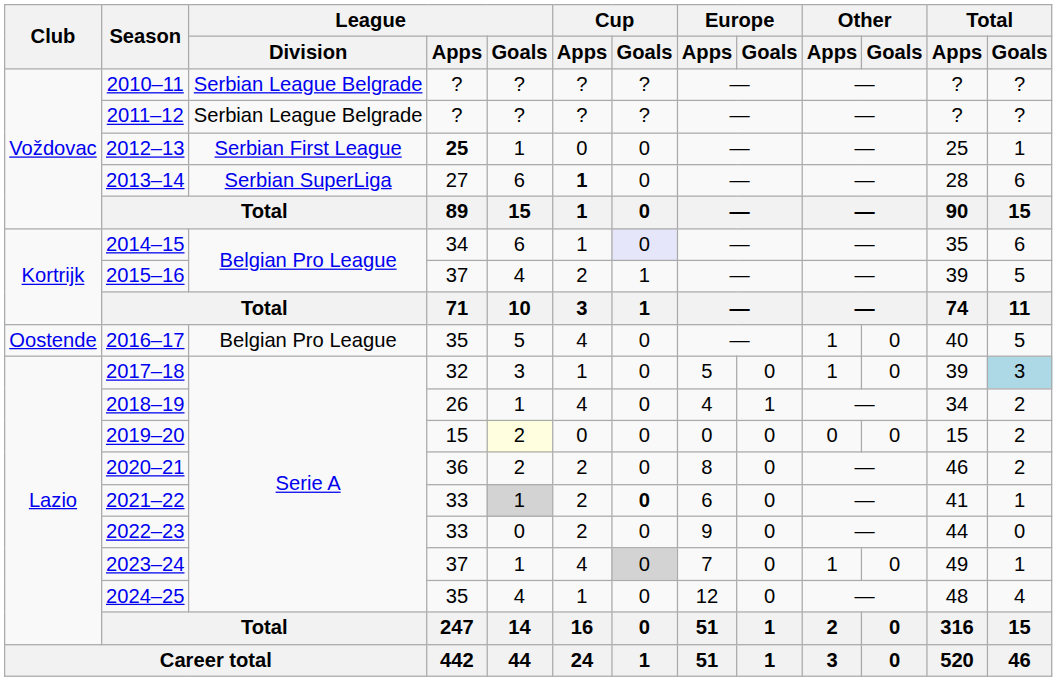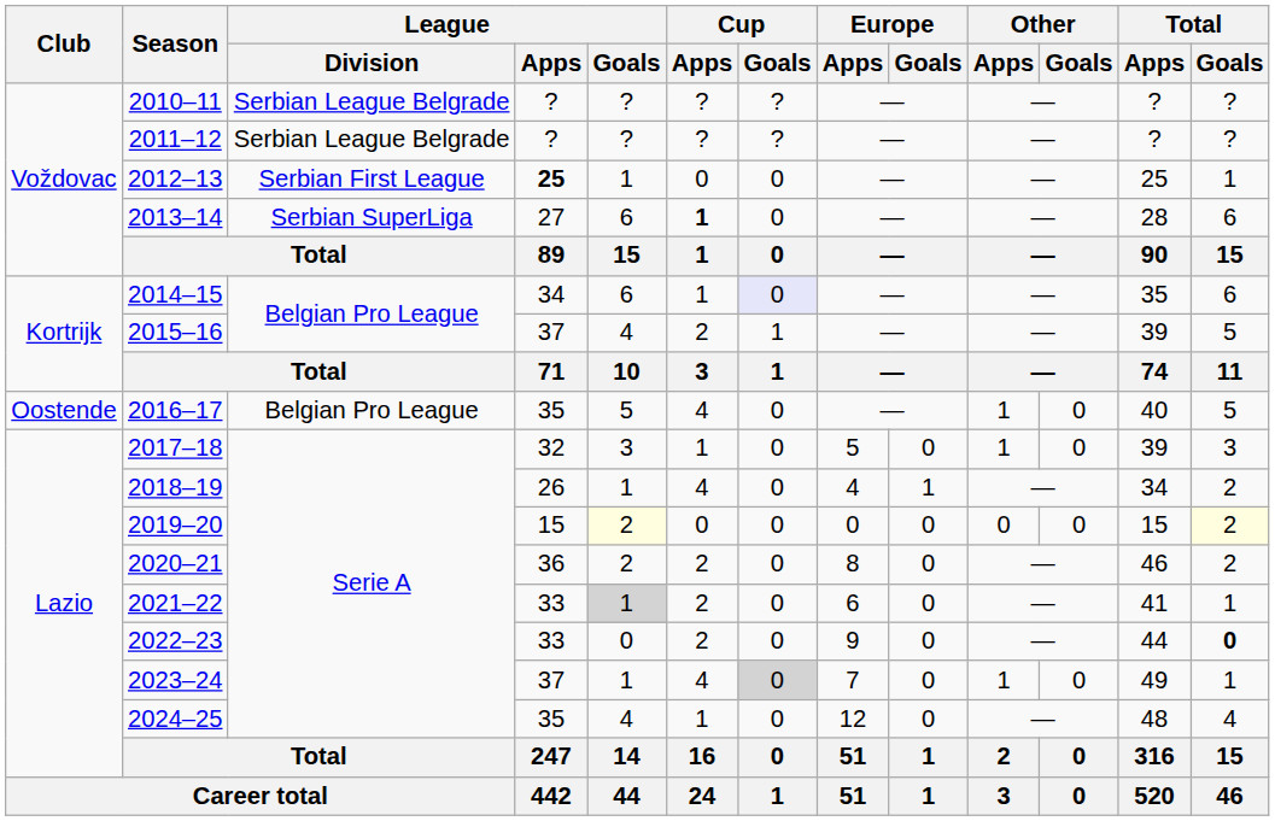 <table class="wikitable" style="text-align:center">
 <tr>
 <th rowspan="2">Club</th>
 <th rowspan="2">Season</th>
 <th colspan="3">League</th>
 <th colspan="2">Cup</th>
 <th colspan="2">Europe</th>
 <th colspan="2">Other</th>
 <th colspan="2">Total</th>
 </tr>
 <tr>
 <th>Division</th>
 <th>Apps</th>
 <th>Goals</th>
 <th>Apps</th>
 <th>Goals</th>
 <th>Apps</th>
 <th>Goals</th>
 <th>Apps</th>
 <th>Goals</th>
 <th>Apps</th>
 <th>Goals</th>
 </tr>
 <tr>
 <td rowspan="5"><a href='#'>Voždovac</a></td>
 <td><a href='#'>2010–11</a></td>
 <td><a href='#'>Serbian League Belgrade</a></td>
 <td>?</td>
 <td>?</td>
 <td>?</td>
 <td>?</td>
 <td colspan="2">—</td>
 <td colspan="2">—</td>
 <td>?</td>
 <td>?</td>
 </tr>
 <tr>
 <td><a href='#'>2011–12</a></td>
 <td>Serbian League Belgrade</td>
 <td>?</td>
 <td>?</td>
 <td>?</td>
 <td>?</td>
 <td colspan="2">—</td>
 <td colspan="2">—</td>
 <td>?</td>
 <td>?</td>
 </tr>
 <tr>
 <td><a href='#'>2012–13</a></td>
 <td><a href='#'>Serbian First League</a></td>
 <td><strong>25</strong></td>
 <td>1</td>
 <td>0</td>
 <td>0</td>
 <td colspan="2">—</td>
 <td colspan="2">—</td>
 <td>25</td>
 <td>1</td>
 </tr>
 <tr>
 <td><a href='#'>2013–14</a></td>
 <td><a href='#'>Serbian SuperLiga</a></td>
 <td>27</td>
 <td>6</td>
 <td><strong>1</strong></td>
 <td>0</td>
 <td colspan="2">—</td>
 <td colspan="2">—</td>
 <td>28</td>
 <td>6</td>
 </tr>
 <tr>
 <th colspan="2">Total</th>
 <th>89</th>
 <th>15</th>
 <th>1</th>
 <th>0</th>
 <th colspan="2">—</th>
 <th colspan="2">—</th>
 <th>90</th>
 <th>15</th>
 </tr>
 <tr>
 <td rowspan="3"><a href='#'>Kortrijk</a></td>
 <td><a href='#'>2014–15</a></td>
 <td rowspan="2"><a href='#'>Belgian Pro League</a></td>
 <td>34</td>
 <td>6</td>
 <td>1</td>
 <td style="background: lavender;">0</td>
 <td colspan="2">—</td>
 <td colspan="2">—</td>
 <td>35</td>
 <td>6</td>
 </tr>
 <tr>
 <td><a href='#'>2015–16</a></td>
 <td>37</td>
 <td>4</td>
 <td>2</td>
 <td>1</td>
 <td colspan="2">—</td>
 <td colspan="2">—</td>
 <td>39</td>
 <td>5</td>
 </tr>
 <tr>
 <th colspan="2">Total</th>
 <th>71</th>
 <th>10</th>
 <th>3</th>
 <th>1</th>
 <th colspan="2">—</th>
 <th colspan="2">—</th>
 <th>74</th>
 <th>11</th>
 </tr>
 <tr>
 <td><a href='#'>Oostende</a></td>
 <td><a href='#'>2016–17</a></td>
 <td>Belgian Pro League</td>
 <td>35</td>
 <td>5</td>
 <td>4</td>
 <td>0</td>
 <td colspan="2">—</td>
 <td>1</td>
 <td>0</td>
 <td>40</td>
 <td>5</td>
 </tr>
 <tr>
 <td rowspan="9"><a href='#'>Lazio</a></td>
 <td><a href='#'>2017–18</a></td>
 <td rowspan="8"><a href='#'>Serie A</a></td>
 <td>32</td>
 <td>3</td>
 <td>1</td>
 <td>0</td>
 <td>5</td>
 <td>0</td>
 <td>1</td>
 <td>0</td>
 <td>39</td>
-<td style="background: lightblue;">3</td>
+<td>3</td>
 </tr>
 <tr>
 <td><a href='#'>2018–19</a></td>
 <td>26</td>
 <td>1</td>
 <td>4</td>
 <td>0</td>
 <td>4</td>
 <td>1</td>
 <td colspan="2">—</td>
 <td>34</td>
 <td>2</td>
 </tr>
 <tr>
 <td><a href='#'>2019–20</a></td>
 <td>15</td>
 <td style="background: lightyellow;">2</td>
 <td>0</td>
 <td>0</td>
 <td>0</td>
 <td>0</td>
 <td>0</td>
 <td>0</td>
 <td>15</td>
-<td>2</td>
+<td style="background: lightyellow;">2</td>
 </tr>
 <tr>
 <td><a href='#'>2020–21</a></td>
 <td>36</td>
 <td>2</td>
 <td>2</td>
 <td>0</td>
 <td>8</td>
 <td>0</td>
 <td colspan="2">—</td>
 <td>46</td>
 <td>2</td>
 </tr>
 <tr>
 <td><a href='#'>2021–22</a></td>
 <td>33</td>
 <td style="background: lightgrey;">1</td>
 <td>2</td>
-<td><strong>0</strong></td>
+<td>0</td>
 <td>6</td>
 <td>0</td>
 <td colspan="2">—</td>
 <td>41</td>
 <td>1</td>
 </tr>
 <tr>
 <td><a href='#'>2022–23</a></td>
 <td>33</td>
 <td>0</td>
 <td>2</td>
 <td>0</td>
 <td>9</td>
 <td>0</td>
 <td colspan="2">—</td>
 <td>44</td>
-<td>0</td>
+<td><strong>0</strong></td>
 </tr>
 <tr>
 <td><a href='#'>2023–24</a></td>
 <td>37</td>
 <td>1</td>
 <td>4</td>
 <td style="background: lightgrey;">0</td>
 <td>7</td>
 <td>0</td>
 <td>1</td>
 <td>0</td>
 <td>49</td>
 <td>1</td>
 </tr>
 <tr>
 <td><a href='#'>2024–25</a></td>
 <td>35</td>
 <td>4</td>
 <td>1</td>
 <td>0</td>
 <td>12</td>
 <td>0</td>
 <td colspan="2">—</td>
 <td>48</td>
 <td>4</td>
 </tr>
 <tr>
 <th colspan="2">Total</th>
 <th>247</th>
 <th>14</th>
 <th>16</th>
 <th>0</th>
 <th>51</th>
 <th>1</th>
 <th>2</th>
 <th>0</th>
 <th>316</th>
 <th>15</th>
 </tr>
 <tr>
 <th colspan="3">Career total</th>
 <th>442</th>
 <th>44</th>
 <th>24</th>
 <th>1</th>
 <th>51</th>
 <th>1</th>
 <th>3</th>
 <th>0</th>
 <th>520</th>
 <th>46</th>
 </tr>
 </table>
